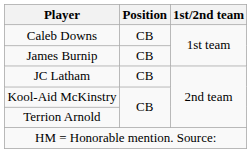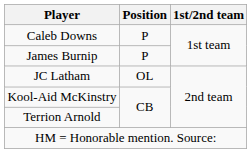 <table class="wikitable" style="text-align: center">
 <tr align=center>
 <th>Player</th>
 <th>Position</th>
 <th>1st/2nd team</th>
 </tr>
 <tr>
 <td>Caleb Downs</td>
-<td>CB</td>
+<td>P</td>
 <td rowspan=2>1st team</td>
 </tr>
 <tr>
 <td>James Burnip</td>
-<td>CB</td>
+<td>P</td>
 </tr>
 <tr>
 <td>JC Latham</td>
-<td>CB</td>
+<td>OL</td>
 <td rowspan=3>2nd team</td>
 </tr>
 <tr>
 <td>Kool-Aid McKinstry</td>
 <td rowspan=2>CB</td>
 </tr>
 <tr>
 <td>Terrion Arnold</td>
 </tr>
 <tr>
 <td colspan="3">HM = Honorable mention. Source:<br></td>
 </tr>
 </table>
